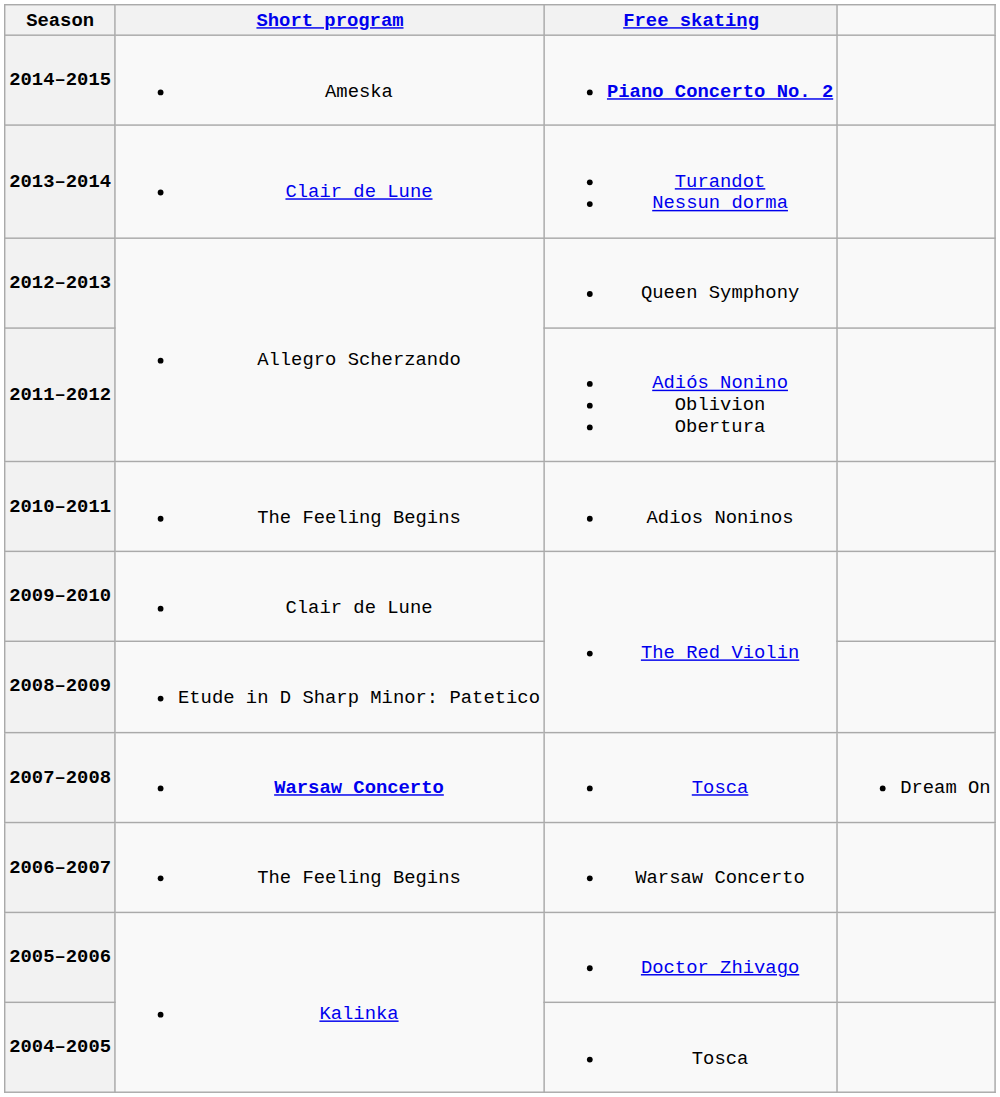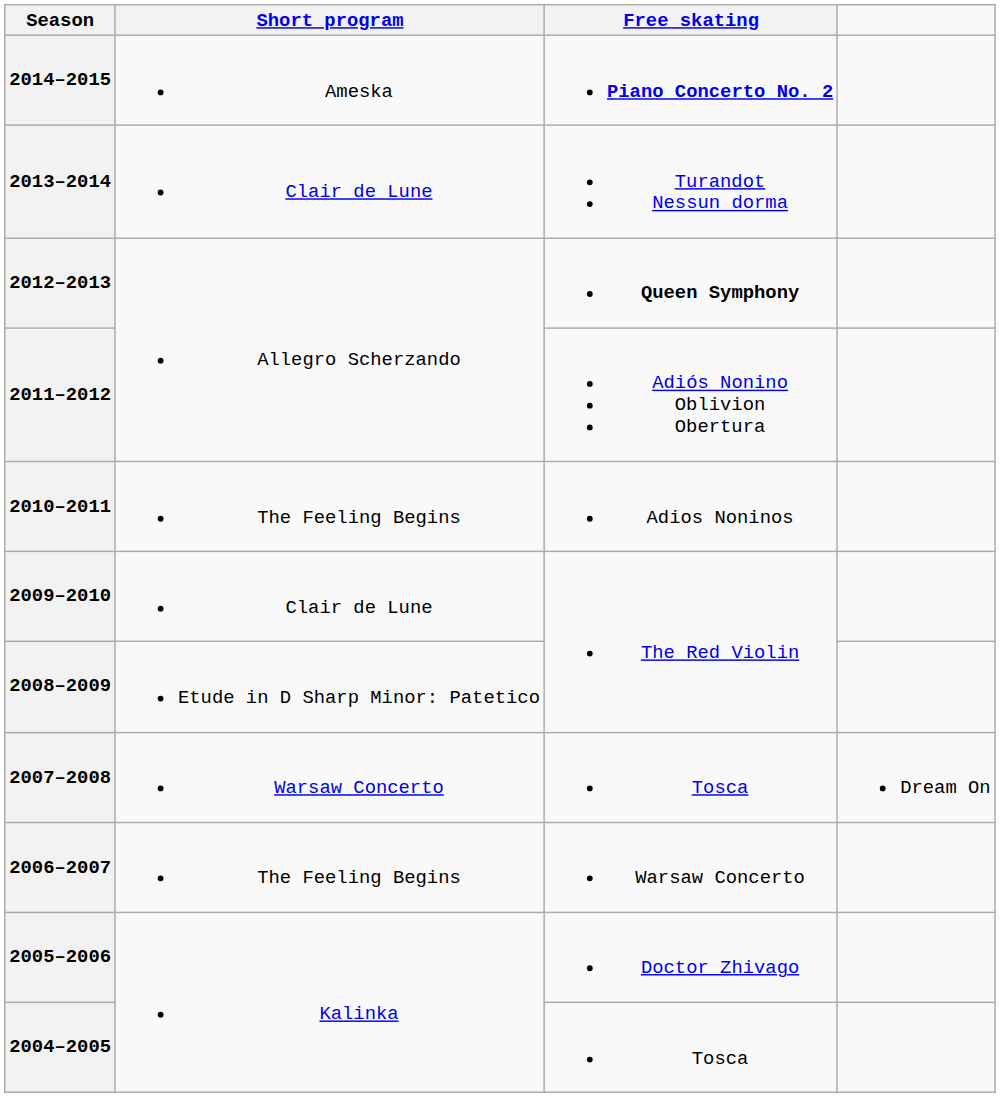 <table class=wikitable style=text-align:center>
 <tr>
 <th>Season</th>
 <th><a href='#'>Short program</a></th>
 <th><a href='#'>Free skating</a></th>
 </tr>
 <tr>
 <th>2014–2015 <br> </th>
 <td><br><ul><li>Ameska <br></li></ul></td>
 <td><strong><br><ul><li><a href='#'>Piano Concerto No. 2</a> <br></li></ul></strong></td>
 <td></td>
 </tr>
 <tr>
 <th>2013–2014 <br> </th>
 <td><br><ul><li><a href='#'>Clair de Lune</a> <br></li></ul></td>
 <td><br><ul><li><a href='#'>Turandot</a> <br></li><li><a href='#'>Nessun dorma</a> <br></li></ul></td>
 <td></td>
 </tr>
 <tr>
 <th>2012–2013 <br> </th>
 <td rowspan="2"><br><ul><li>Allegro Scherzando <br></li></ul></td>
-<td><br><ul><li>Queen Symphony <br></li></ul></td>
+<td><strong><br><ul><li>Queen Symphony <br></li></ul></strong></td>
 <td></td>
 </tr>
 <tr>
 <th>2011–2012 <br> </th>
 <td><br><ul><li><a href='#'>Adiós Nonino</a> <br></li><li>Oblivion <br></li><li>Obertura <br></li></ul></td>
 <td></td>
 </tr>
 <tr>
 <th>2010–2011 <br> </th>
 <td><br><ul><li>The Feeling Begins <br></li></ul></td>
 <td><br><ul><li>Adios Noninos <br></li></ul></td>
 <td></td>
 </tr>
 <tr>
 <th>2009–2010 <br> </th>
 <td><br><ul><li>Clair de Lune <br></li></ul></td>
 <td rowspan="2"><br><ul><li><a href='#'>The Red Violin</a> <br></li></ul></td>
 <td></td>
 </tr>
 <tr>
 <th>2008–2009 <br> </th>
 <td><br><ul><li>Etude in D Sharp Minor: Patetico <br></li></ul></td>
 <td></td>
 </tr>
 <tr>
 <th>2007–2008 <br> </th>
-<td><strong><br><ul><li><a href='#'>Warsaw Concerto</a> <br></li></ul></strong></td>
+<td><br><ul><li><a href='#'>Warsaw Concerto</a> <br></li></ul></td>
 <td><br><ul><li><a href='#'>Tosca</a> <br></li></ul></td>
 <td><br><ul><li>Dream On <br></li></ul></td>
 </tr>
 <tr>
 <th>2006–2007 <br> </th>
 <td><br><ul><li>The Feeling Begins <br></li></ul></td>
 <td><br><ul><li>Warsaw Concerto <br></li></ul></td>
 <td></td>
 </tr>
 <tr>
 <th>2005–2006 <br> </th>
 <td rowspan="2"><br><ul><li><a href='#'>Kalinka</a> <br></li></ul></td>
 <td><br><ul><li><a href='#'>Doctor Zhivago</a> <br></li></ul></td>
 <td></td>
 </tr>
 <tr>
 <th>2004–2005 <br> </th>
 <td><br><ul><li>Tosca <br></li></ul></td>
 <td></td>
 </tr>
 </table>
